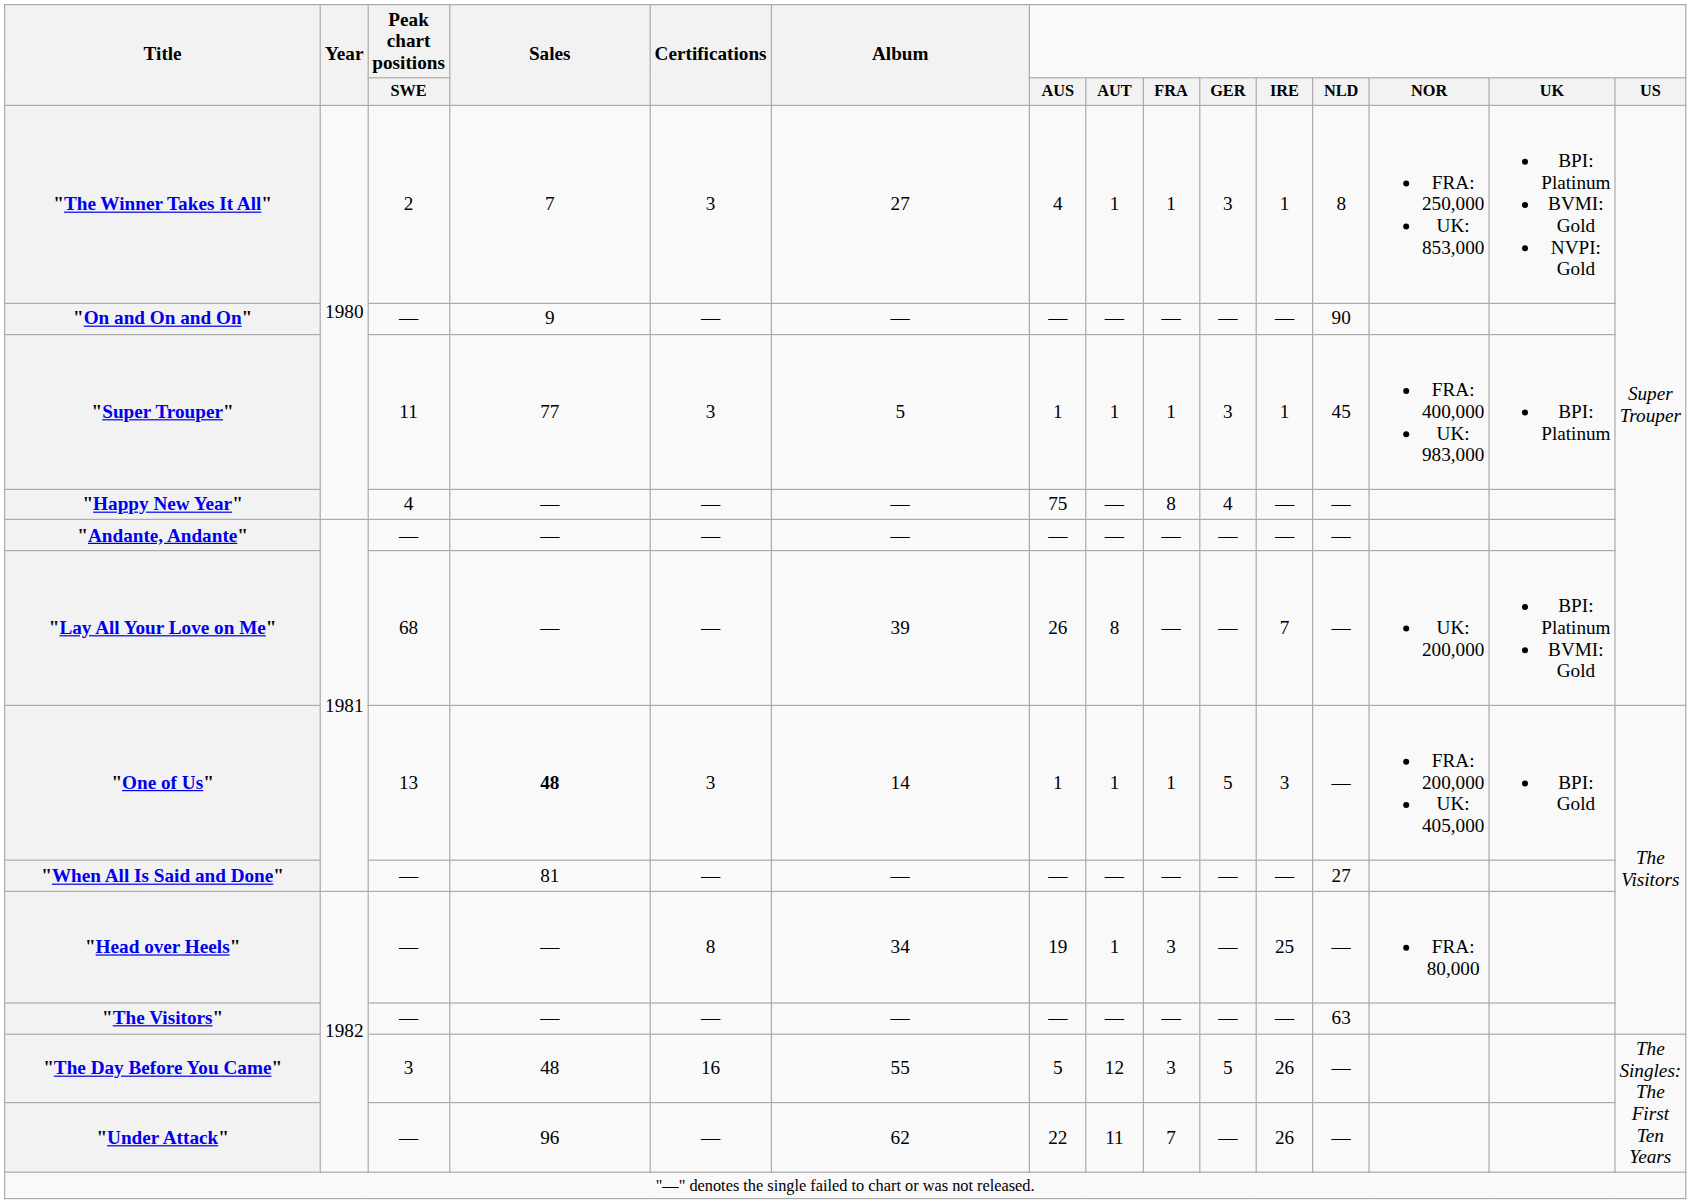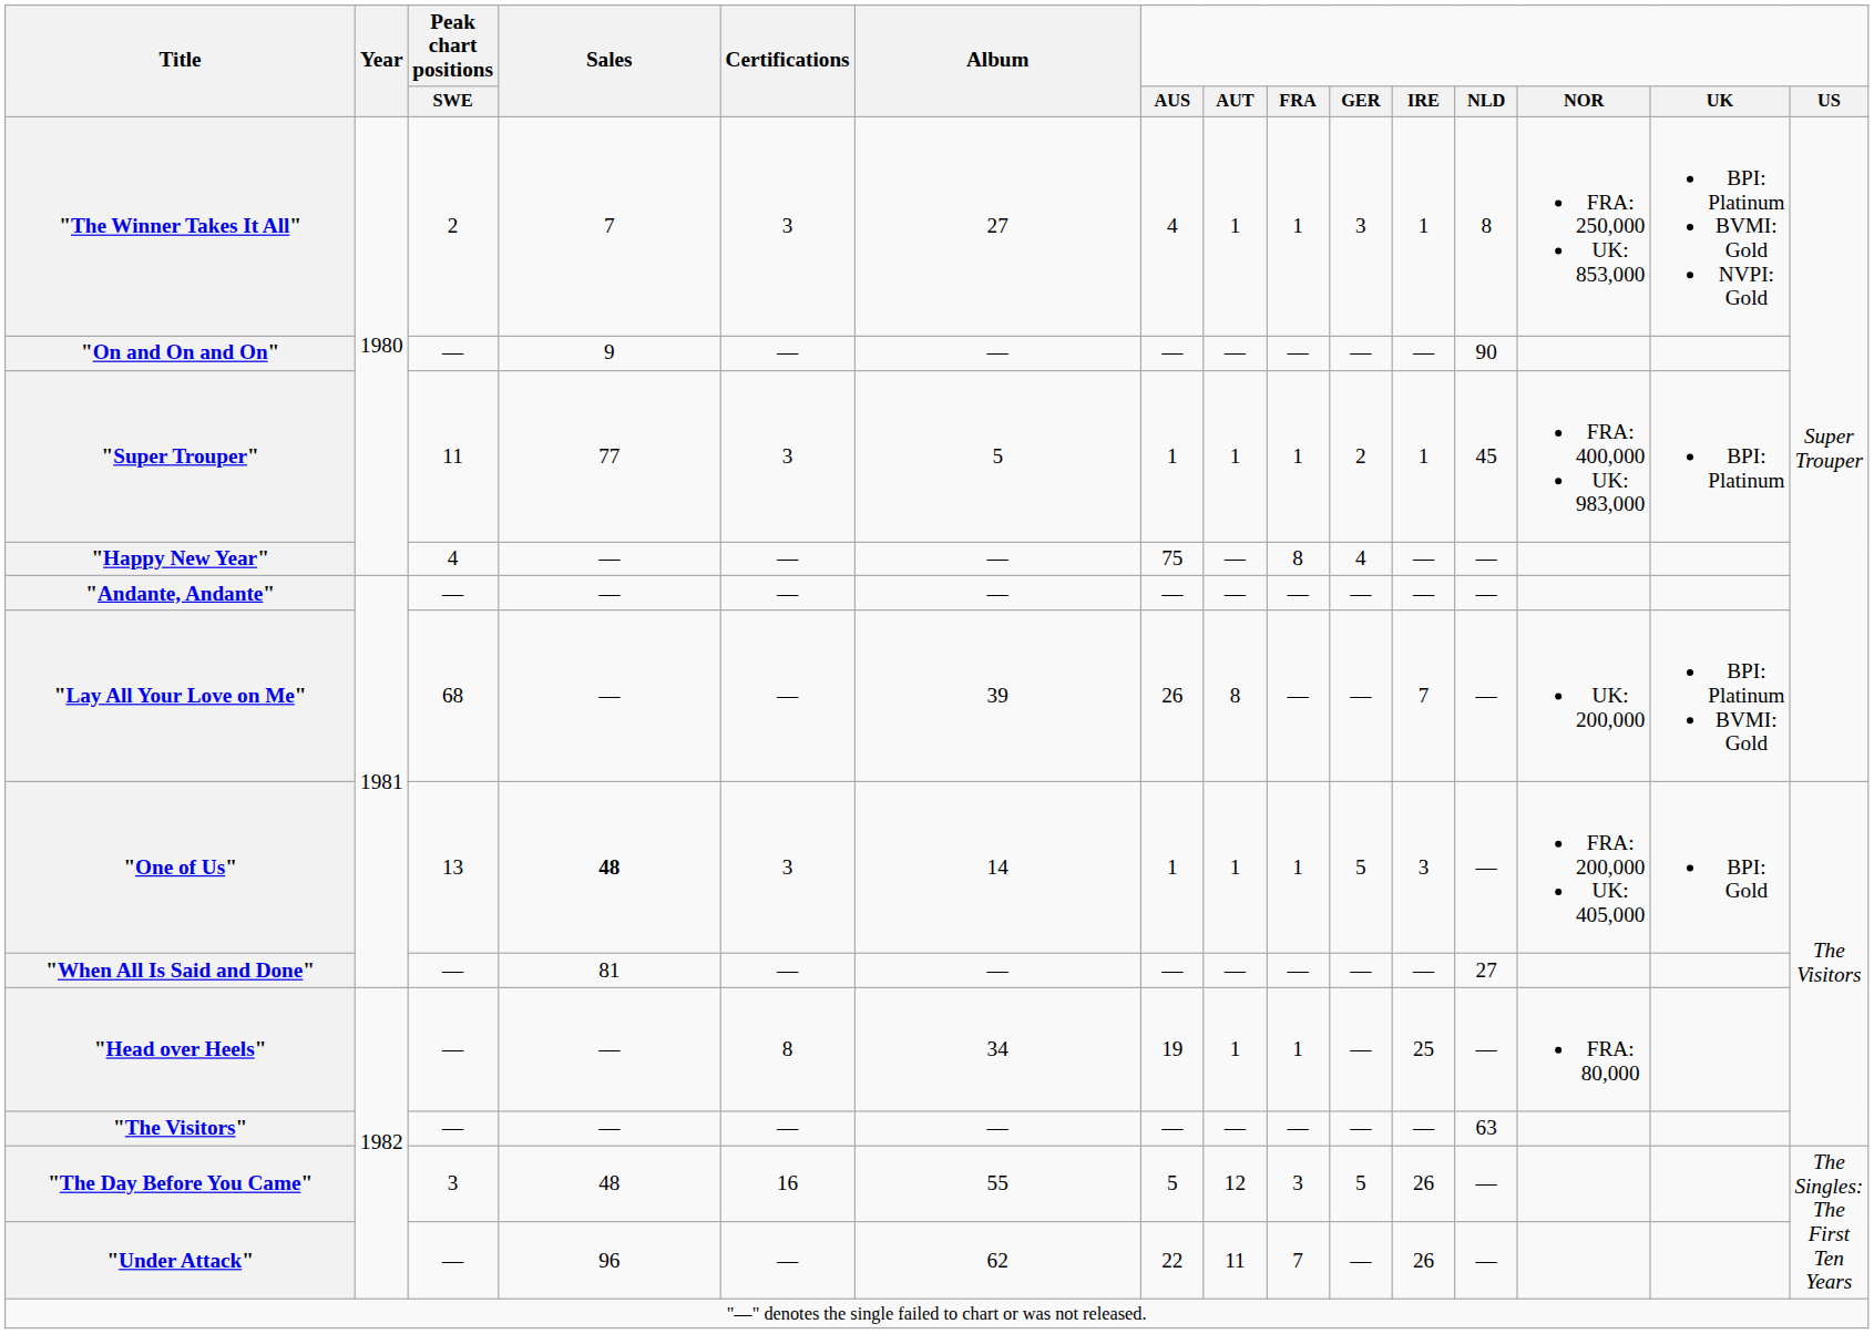 <table class="wikitable plainrowheaders" style="text-align:center;">
 <tr>
 <th scope="col" rowspan="2" style="width:16em;">Title</th>
 <th scope="col" rowspan="2" style="width:2em;">Year</th>
 <th scope="col" colspan="1">Peak chart positions</th>
 <th scope="col" rowspan="2" style="width:10em;">Sales</th>
 <th scope="col" rowspan="2">Certifications</th>
 <th scope="col" rowspan="2" style="width:13em;">Album</th>
 </tr>
 <tr>
 <th style="width:3em;font-size:85%">SWE<br></th>
 <th style="width:3em;font-size:85%">AUS<br></th>
 <th style="width:3em;font-size:85%">AUT<br></th>
 <th style="width:3em;font-size:85%">FRA<br></th>
 <th style="width:3em;font-size:85%">GER<br></th>
 <th style="width:3em;font-size:85%">IRE<br></th>
 <th style="width:3em;font-size:85%">NLD<br></th>
 <th style="width:3em;font-size:85%">NOR<br></th>
 <th style="width:3em;font-size:85%">UK<br></th>
 <th style="width:3em;font-size:85%">US<br></th>
 </tr>
 <tr>
 <th scope="row">"<a href='#'>The Winner Takes It All</a>"</th>
 <td rowspan="4">1980</td>
 <td>2</td>
 <td>7</td>
 <td>3</td>
 <td>27</td>
 <td>4</td>
 <td>1</td>
 <td>1</td>
 <td>3</td>
 <td>1</td>
 <td>8</td>
 <td><br><ul><li>FRA: 250,000</li><li>UK: 853,000</li></ul></td>
 <td><br><ul><li>BPI: Platinum</li><li>BVMI: Gold</li><li>NVPI: Gold</li></ul></td>
 <td rowspan="6"><em>Super Trouper</em></td>
 </tr>
 <tr>
 <th scope="row">"<a href='#'>On and On and On</a>"</th>
 <td>—</td>
 <td>9</td>
 <td>—</td>
 <td>—</td>
 <td>—</td>
 <td>—</td>
 <td>—</td>
 <td>—</td>
 <td>—</td>
 <td>90</td>
 <td></td>
 <td></td>
 </tr>
 <tr>
 <th scope="row">"<a href='#'>Super Trouper</a>"</th>
 <td>11</td>
 <td>77</td>
 <td>3</td>
 <td>5</td>
 <td>1</td>
 <td>1</td>
 <td>1</td>
-<td>3</td>
+<td>2</td>
 <td>1</td>
 <td>45</td>
 <td><br><ul><li>FRA: 400,000</li><li>UK: 983,000</li></ul></td>
 <td><br><ul><li>BPI: Platinum</li></ul></td>
 </tr>
 <tr>
 <th scope="row">"<a href='#'>Happy New Year</a>"</th>
 <td>4</td>
 <td>—</td>
 <td>—</td>
 <td>—</td>
 <td>75</td>
 <td>—</td>
 <td>8</td>
 <td>4</td>
 <td>—</td>
 <td>—</td>
 <td></td>
 <td></td>
 </tr>
 <tr>
 <th scope="row">"<a href='#'>Andante, Andante</a>"</th>
 <td rowspan="4">1981</td>
 <td>—</td>
 <td>—</td>
 <td>—</td>
 <td>—</td>
 <td>—</td>
 <td>—</td>
 <td>—</td>
 <td>—</td>
 <td>—</td>
 <td>—</td>
 <td></td>
 <td></td>
 </tr>
 <tr>
 <th scope="row">"<a href='#'>Lay All Your Love on Me</a>"</th>
 <td>68</td>
 <td>—</td>
 <td>—</td>
 <td>39</td>
 <td>26</td>
 <td>8</td>
 <td>—</td>
 <td>—</td>
 <td>7</td>
 <td>—</td>
 <td><br><ul><li>UK: 200,000</li></ul></td>
 <td><br><ul><li>BPI: Platinum</li><li>BVMI: Gold</li></ul></td>
 </tr>
 <tr>
 <th scope="row">"<a href='#'>One of Us</a>"</th>
 <td>13</td>
 <td><strong>48</strong></td>
 <td>3</td>
 <td>14</td>
 <td>1</td>
 <td>1</td>
 <td>1</td>
 <td>5</td>
 <td>3</td>
 <td>—</td>
 <td><br><ul><li>FRA: 200,000</li><li>UK: 405,000</li></ul></td>
 <td><br><ul><li>BPI: Gold</li></ul></td>
 <td rowspan="4"><em>The Visitors</em></td>
 </tr>
 <tr>
 <th scope="row">"<a href='#'>When All Is Said and Done</a>"</th>
 <td>—</td>
 <td>81</td>
 <td>—</td>
 <td>—</td>
 <td>—</td>
 <td>—</td>
 <td>—</td>
 <td>—</td>
 <td>—</td>
 <td>27</td>
 <td></td>
 <td></td>
 </tr>
 <tr>
 <th scope="row">"<a href='#'>Head over Heels</a>"</th>
 <td rowspan="4">1982</td>
 <td>—</td>
 <td>—</td>
 <td>8</td>
 <td>34</td>
 <td>19</td>
 <td>1</td>
-<td>3</td>
+<td>1</td>
 <td>—</td>
 <td>25</td>
 <td>—</td>
 <td><br><ul><li>FRA: 80,000</li></ul></td>
 <td></td>
 </tr>
 <tr>
 <th scope="row">"<a href='#'>The Visitors</a>"</th>
 <td>—</td>
 <td>—</td>
 <td>—</td>
 <td>—</td>
 <td>—</td>
 <td>—</td>
 <td>—</td>
 <td>—</td>
 <td>—</td>
 <td>63</td>
 <td></td>
 <td></td>
 </tr>
 <tr>
 <th scope="row">"<a href='#'>The Day Before You Came</a>"</th>
 <td>3</td>
 <td>48</td>
 <td>16</td>
 <td>55</td>
 <td>5</td>
 <td>12</td>
 <td>3</td>
 <td>5</td>
 <td>26</td>
 <td>—</td>
 <td></td>
 <td></td>
 <td rowspan="2"><em>The Singles: The First Ten Years</em></td>
 </tr>
 <tr>
 <th scope="row">"<a href='#'>Under Attack</a>"</th>
 <td>—</td>
 <td>96</td>
 <td>—</td>
 <td>62</td>
 <td>22</td>
 <td>11</td>
 <td>7</td>
 <td>—</td>
 <td>26</td>
 <td>—</td>
 <td></td>
 <td></td>
 </tr>
 <tr>
 <td colspan="20" style="font-size:85%">"—" denotes the single failed to chart or was not released.</td>
 </tr>
 </table>
